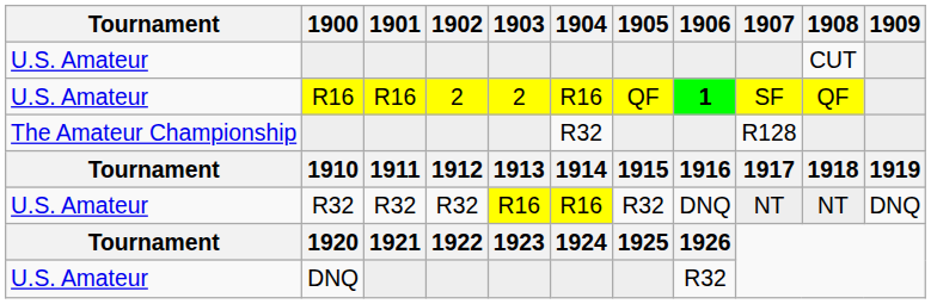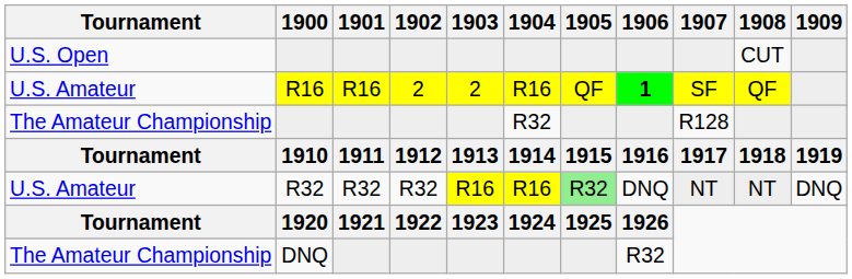 <table class="wikitable" style="font-size: 95%;text-align:center;">
 <tr>
 <th>Tournament</th>
 <th>1900</th>
 <th>1901</th>
 <th>1902</th>
 <th>1903</th>
 <th>1904</th>
 <th>1905</th>
 <th>1906</th>
 <th>1907</th>
 <th>1908</th>
 <th>1909</th>
 </tr>
 <tr>
-<td align=left><a href='#'>U.S. Amateur</a></td>
+<td align=left><a href='#'>U.S. Open</a></td>
 <td style="background:#eeeeee;"></td>
 <td style="background:#eeeeee;"></td>
 <td style="background:#eeeeee;"></td>
 <td style="background:#eeeeee;"></td>
 <td style="background:#eeeeee;"></td>
 <td style="background:#eeeeee;"></td>
 <td style="background:#eeeeee;"></td>
 <td style="background:#eeeeee;"></td>
 <td>CUT</td>
 <td style="background:#eeeeee;"></td>
 </tr>
 <tr>
 <td align=left><a href='#'>U.S. Amateur</a></td>
 <td align="center" style="background:yellow;">R16</td>
 <td align="center" style="background:yellow;">R16</td>
 <td align="center" style="background:yellow;">2</td>
 <td align="center" style="background:yellow;">2</td>
 <td align="center" style="background:yellow;">R16</td>
 <td align="center" style="background:yellow;">QF</td>
 <td align="center" style="background:#00ff00;"><strong>1</strong></td>
 <td align="center" style="background:yellow;">SF</td>
 <td align="center" style="background:yellow;">QF</td>
 <td style="background:#eeeeee;"></td>
 </tr>
 <tr>
 <td align=left><a href='#'>The Amateur Championship</a></td>
 <td style="background:#eeeeee;"></td>
 <td style="background:#eeeeee;"></td>
 <td style="background:#eeeeee;"></td>
 <td style="background:#eeeeee;"></td>
 <td>R32</td>
 <td style="background:#eeeeee;"></td>
 <td style="background:#eeeeee;"></td>
 <td>R128</td>
 <td style="background:#eeeeee;"></td>
 <td style="background:#eeeeee;"></td>
 </tr>
 <tr style="background:#eeeeee;">
 <th align="left">Tournament</th>
 <th>1910</th>
 <th>1911</th>
 <th>1912</th>
 <th>1913</th>
 <th>1914</th>
 <th>1915</th>
 <th>1916</th>
 <th>1917</th>
 <th>1918</th>
 <th>1919</th>
 </tr>
 <tr>
 <td align=left><a href='#'>U.S. Amateur</a></td>
 <td>R32</td>
 <td>R32</td>
 <td>R32</td>
 <td align="center" style="background:yellow;">R16</td>
 <td align="center" style="background:yellow;">R16</td>
-<td>R32</td>
+<td style="background: lightgreen;">R32</td>
 <td>DNQ</td>
 <td style="background:#eeeeee;">NT</td>
 <td style="background:#eeeeee;">NT</td>
 <td>DNQ</td>
 </tr>
 <tr style="background:#eeeeee;">
 <th align="left">Tournament</th>
 <th>1920</th>
 <th>1921</th>
 <th>1922</th>
 <th>1923</th>
 <th>1924</th>
 <th>1925</th>
 <th>1926</th>
 </tr>
 <tr>
-<td align=left><a href='#'>U.S. Amateur</a></td>
+<td align=left><a href='#'>The Amateur Championship</a></td>
 <td>DNQ</td>
 <td style="background:#eeeeee;"></td>
 <td style="background:#eeeeee;"></td>
 <td style="background:#eeeeee;"></td>
 <td style="background:#eeeeee;"></td>
 <td style="background:#eeeeee;"></td>
 <td>R32</td>
 </tr>
 </table>
